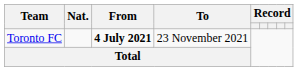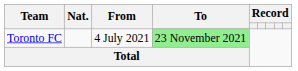 <table class="wikitable" style="text-align: center">
 <tr>
 <th rowspan=2>Team</th>
 <th rowspan=2>Nat.</th>
 <th rowspan=2>From</th>
 <th rowspan=2>To</th>
 <th colspan=5>Record</th>
 </tr>
 <tr>
 <th></th>
 <th></th>
 <th></th>
 <th></th>
 <th></th>
 </tr>
 <tr>
 <td align=left><a href='#'>Toronto FC</a></td>
 <td></td>
-<td align=left><strong>4 July 2021</strong></td>
-<td align=left>23 November 2021<br></td>
+<td align=left>4 July 2021</td>
+<td align=left style="background: lightgreen;">23 November 2021<br></td>
 </tr>
 <tr>
 <th colspan=4>Total<br></th>
 </tr>
 </table>
